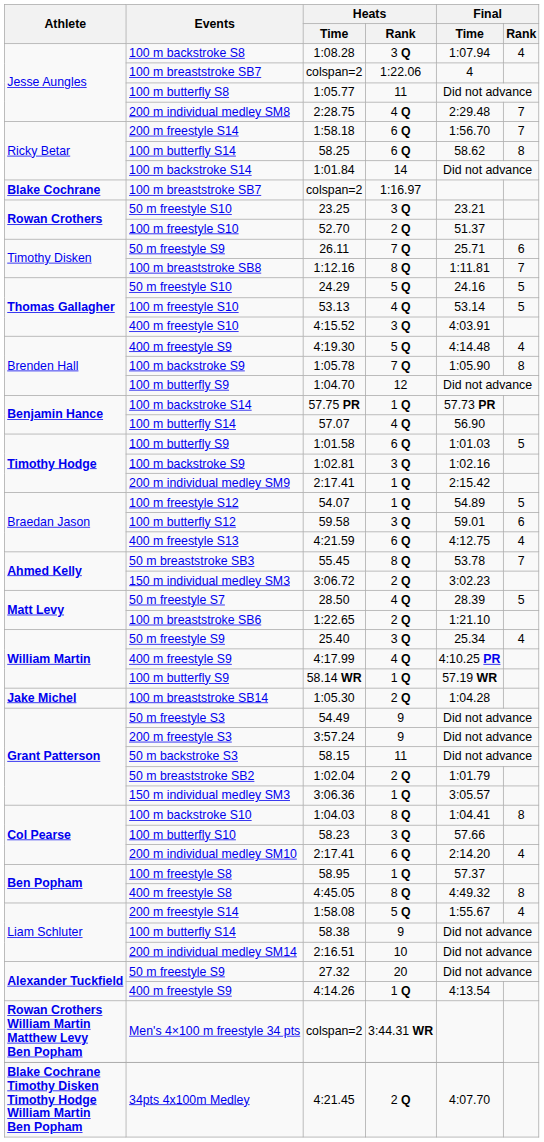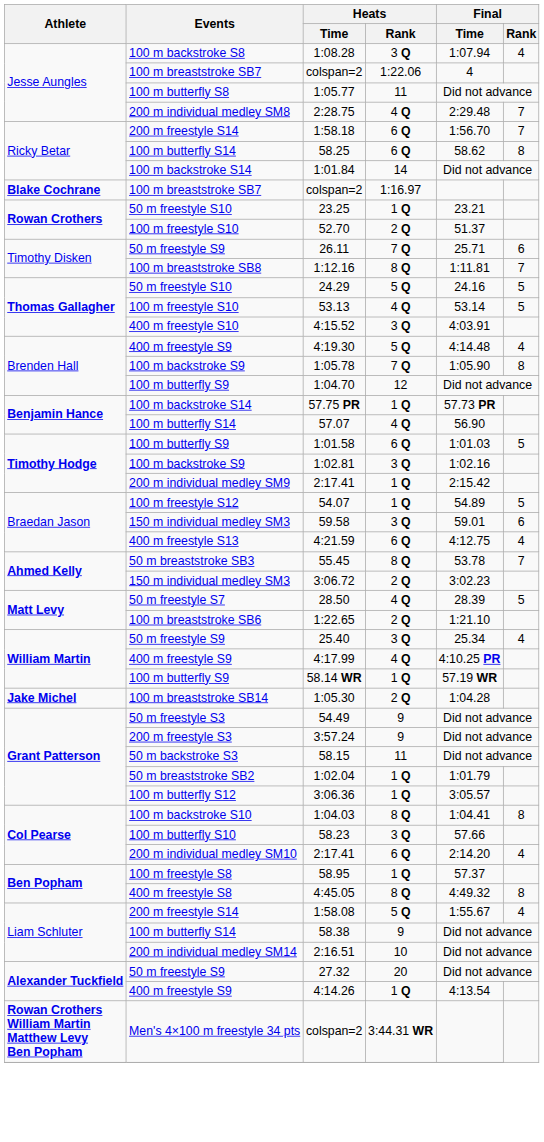 <table class=wikitable>
 <tr>
 <th rowspan="2">Athlete</th>
 <th rowspan="2">Events</th>
 <th colspan="2">Heats</th>
 <th colspan="2">Final</th>
 </tr>
 <tr>
 <th>Time</th>
 <th>Rank</th>
 <th>Time</th>
 <th>Rank</th>
 </tr>
 <tr align=center>
 <td rowspan=4 align=left><a href='#'>Jesse Aungles</a></td>
 <td align=left><a href='#'>100 m backstroke S8</a></td>
 <td>1:08.28</td>
 <td>3 <strong>Q</strong></td>
 <td>1:07.94</td>
 <td>4</td>
 </tr>
 <tr align=center>
 <td align=left><a href='#'>100 m breaststroke SB7</a></td>
 <td>colspan=2 </td>
 <td>1:22.06</td>
 <td>4</td>
 </tr>
 <tr align=center>
 <td align=left><a href='#'>100 m butterfly S8</a></td>
 <td>1:05.77</td>
 <td>11</td>
 <td colspan=2>Did not advance</td>
 </tr>
 <tr align=center>
 <td align=left><a href='#'>200 m individual medley SM8</a></td>
 <td>2:28.75</td>
 <td>4 <strong>Q</strong></td>
 <td>2:29.48</td>
 <td>7</td>
 </tr>
 <tr align=center>
 <td rowspan=3 align=left><a href='#'>Ricky Betar</a></td>
 <td align=left><a href='#'>200 m freestyle S14</a></td>
 <td>1:58.18</td>
 <td>6 <strong>Q</strong></td>
 <td>1:56.70</td>
 <td>7</td>
 </tr>
 <tr align=center>
 <td align=left><a href='#'>100 m butterfly S14</a></td>
 <td>58.25</td>
 <td>6 <strong>Q</strong></td>
 <td>58.62</td>
 <td>8</td>
 </tr>
 <tr align=center>
 <td align=left><a href='#'>100 m backstroke S14</a></td>
 <td>1:01.84</td>
 <td>14</td>
 <td colspan=2>Did not advance</td>
 </tr>
 <tr align=center>
 <td align=left><strong><a href='#'>Blake Cochrane</a></strong></td>
 <td align=left><a href='#'>100 m breaststroke SB7</a></td>
 <td>colspan=2 </td>
 <td>1:16.97</td>
 <td></td>
 </tr>
 <tr align=center>
 <td align=left rowspan=2><strong><a href='#'>Rowan Crothers</a></strong></td>
 <td align=left><a href='#'>50 m freestyle S10</a></td>
 <td>23.25</td>
-<td>3 <strong>Q</strong></td>
+<td>1 <strong>Q</strong></td>
 <td>23.21</td>
 <td></td>
 </tr>
 <tr align=center>
 <td align=left><a href='#'>100 m freestyle S10</a></td>
 <td>52.70</td>
 <td>2 <strong>Q</strong></td>
 <td>51.37</td>
 <td></td>
 </tr>
 <tr align=center>
 <td align=left rowspan=2><a href='#'>Timothy Disken</a></td>
 <td align=left><a href='#'>50 m freestyle S9</a></td>
 <td>26.11</td>
 <td>7 <strong>Q</strong></td>
 <td>25.71</td>
 <td>6</td>
 </tr>
 <tr align=center>
 <td align=left><a href='#'>100 m breaststroke SB8</a></td>
 <td>1:12.16</td>
 <td>8 <strong>Q</strong></td>
 <td>1:11.81</td>
 <td>7</td>
 </tr>
 <tr align=center>
 <td rowspan=3 align=left><strong><a href='#'>Thomas Gallagher</a></strong></td>
 <td align=left><a href='#'>50 m freestyle S10</a></td>
 <td>24.29</td>
 <td>5 <strong>Q</strong></td>
 <td>24.16</td>
 <td>5</td>
 </tr>
 <tr align=center>
 <td align=left><a href='#'>100 m freestyle S10</a></td>
 <td>53.13</td>
 <td>4 <strong>Q</strong></td>
 <td>53.14</td>
 <td>5</td>
 </tr>
 <tr align=center>
 <td align=left><a href='#'>400 m freestyle S10</a></td>
 <td>4:15.52</td>
 <td>3 <strong>Q</strong></td>
 <td>4:03.91</td>
 <td></td>
 </tr>
 <tr align=center>
 <td rowspan=3 align=left><a href='#'>Brenden Hall</a></td>
 <td align=left><a href='#'>400 m freestyle S9</a></td>
 <td>4:19.30</td>
 <td>5 <strong>Q</strong></td>
 <td>4:14.48</td>
 <td>4</td>
 </tr>
 <tr align=center>
 <td align=left><a href='#'>100 m backstroke S9</a></td>
 <td>1:05.78</td>
 <td>7 <strong>Q</strong></td>
 <td>1:05.90</td>
 <td>8</td>
 </tr>
 <tr align=center>
 <td align=left><a href='#'>100 m butterfly S9</a></td>
 <td>1:04.70</td>
 <td>12</td>
 <td colspan=2>Did not advance</td>
 </tr>
 <tr align=center>
 <td rowspan=2 align=left><strong><a href='#'>Benjamin Hance</a></strong></td>
 <td align=left><a href='#'>100 m backstroke S14</a></td>
 <td>57.75 <strong>PR</strong></td>
 <td>1 <strong>Q</strong></td>
 <td>57.73 <strong>PR</strong></td>
 <td></td>
 </tr>
 <tr align=center>
 <td align=left><a href='#'>100 m butterfly S14</a></td>
 <td>57.07</td>
 <td>4 <strong>Q</strong></td>
 <td>56.90</td>
 <td></td>
 </tr>
 <tr align=center>
 <td rowspan=3 align=left><strong><a href='#'>Timothy Hodge</a></strong></td>
 <td align=left><a href='#'>100 m butterfly S9</a></td>
 <td>1:01.58</td>
 <td>6 <strong>Q</strong></td>
 <td>1:01.03</td>
 <td>5</td>
 </tr>
 <tr align=center>
 <td align=left><a href='#'>100 m backstroke S9</a></td>
 <td>1:02.81</td>
 <td>3 <strong>Q</strong></td>
 <td>1:02.16</td>
 <td></td>
 </tr>
 <tr align=center>
 <td align=left><a href='#'>200 m individual medley SM9</a></td>
 <td>2:17.41</td>
 <td>1 <strong>Q</strong></td>
 <td>2:15.42</td>
 <td></td>
 </tr>
 <tr align=center>
 <td rowspan=3 align=left><a href='#'>Braedan Jason</a></td>
 <td align=left><a href='#'>100 m freestyle S12</a></td>
 <td>54.07</td>
 <td>1 <strong>Q</strong></td>
 <td>54.89</td>
 <td>5</td>
 </tr>
 <tr align=center>
-<td align=left><a href='#'>100 m butterfly S12</a></td>
+<td align=left><a href='#'>150 m individual medley SM3</a></td>
 <td>59.58</td>
 <td>3 <strong>Q</strong></td>
 <td>59.01</td>
 <td>6</td>
 </tr>
 <tr align=center>
 <td align=left><a href='#'>400 m freestyle S13</a></td>
 <td>4:21.59</td>
 <td>6 <strong>Q</strong></td>
 <td>4:12.75</td>
 <td>4</td>
 </tr>
 <tr align=center>
 <td rowspan=2 align=left><strong><a href='#'>Ahmed Kelly</a></strong></td>
 <td align=left><a href='#'>50 m breaststroke SB3</a></td>
 <td>55.45</td>
 <td>8 <strong>Q</strong></td>
 <td>53.78</td>
 <td>7</td>
 </tr>
 <tr align=center>
 <td align=left><a href='#'>150 m individual medley SM3</a></td>
 <td>3:06.72</td>
 <td>2 <strong>Q</strong></td>
 <td>3:02.23</td>
 <td></td>
 </tr>
 <tr align=center>
 <td rowspan=2 align=left><strong><a href='#'>Matt Levy</a></strong></td>
 <td align=left><a href='#'>50 m freestyle S7</a></td>
 <td>28.50</td>
 <td>4 <strong>Q</strong></td>
 <td>28.39</td>
 <td>5</td>
 </tr>
 <tr align=center>
 <td align=left><a href='#'>100 m breaststroke SB6</a></td>
 <td>1:22.65</td>
 <td>2 <strong>Q</strong></td>
 <td>1:21.10</td>
 <td></td>
 </tr>
 <tr align=center>
 <td rowspan=3 align=left><strong><a href='#'>William Martin</a></strong></td>
 <td align=left><a href='#'>50 m freestyle S9</a></td>
 <td>25.40</td>
 <td>3 <strong>Q</strong></td>
 <td>25.34</td>
 <td>4</td>
 </tr>
 <tr align=center>
 <td align=left><a href='#'>400 m freestyle S9</a></td>
 <td>4:17.99</td>
 <td>4 <strong>Q</strong></td>
 <td>4:10.25 <strong><a href='#'>PR</a></strong></td>
 <td></td>
 </tr>
 <tr align=center>
 <td align=left><a href='#'>100 m butterfly S9</a></td>
 <td>58.14 <strong>WR</strong></td>
 <td>1 <strong>Q</strong></td>
 <td>57.19 <strong>WR</strong></td>
 <td></td>
 </tr>
 <tr align=center>
 <td align=left><strong><a href='#'>Jake Michel</a></strong></td>
 <td align=left><a href='#'>100 m breaststroke SB14</a></td>
 <td>1:05.30</td>
 <td>2 <strong>Q</strong></td>
 <td>1:04.28</td>
 <td></td>
 </tr>
 <tr align=center>
 <td rowspan=5 align=left><strong><a href='#'>Grant Patterson</a></strong></td>
 <td align=left><a href='#'>50 m freestyle S3</a></td>
 <td>54.49</td>
 <td>9</td>
 <td colspan=2>Did not advance</td>
 </tr>
 <tr align=center>
 <td align=left><a href='#'>200 m freestyle S3</a></td>
 <td>3:57.24</td>
 <td>9</td>
 <td colspan=2>Did not advance</td>
 </tr>
 <tr align=center>
 <td align=left><a href='#'>50 m backstroke S3</a></td>
 <td>58.15</td>
 <td>11</td>
 <td colspan=2>Did not advance</td>
 </tr>
 <tr align=center>
 <td align=left><a href='#'>50 m breaststroke SB2</a></td>
 <td>1:02.04</td>
-<td>2 <strong>Q</strong></td>
+<td>1 <strong>Q</strong></td>
 <td>1:01.79</td>
 <td></td>
 </tr>
 <tr align=center>
-<td align=left><a href='#'>150 m individual medley SM3</a></td>
+<td align=left><a href='#'>100 m butterfly S12</a></td>
 <td>3:06.36</td>
 <td>1 <strong>Q</strong></td>
 <td>3:05.57</td>
 <td></td>
 </tr>
 <tr align=center>
 <td rowspan=3 align=left><strong><a href='#'>Col Pearse</a></strong></td>
 <td align=left><a href='#'>100 m backstroke S10</a></td>
 <td>1:04.03</td>
 <td>8 <strong>Q</strong></td>
 <td>1:04.41</td>
 <td>8</td>
 </tr>
 <tr align=center>
 <td align=left><a href='#'>100 m butterfly S10</a></td>
 <td>58.23</td>
 <td>3 <strong>Q</strong></td>
 <td>57.66</td>
 <td></td>
 </tr>
 <tr align=center>
 <td align=left><a href='#'>200 m individual medley SM10</a></td>
 <td>2:17.41</td>
 <td>6 <strong>Q</strong></td>
 <td>2:14.20</td>
 <td>4</td>
 </tr>
 <tr align=center>
 <td rowspan=2 align=left><strong><a href='#'>Ben Popham</a></strong></td>
 <td align=left><a href='#'>100 m freestyle S8</a></td>
 <td>58.95</td>
 <td>1 <strong>Q</strong></td>
 <td>57.37</td>
 <td></td>
 </tr>
 <tr align=center>
 <td align=left><a href='#'>400 m freestyle S8</a></td>
 <td>4:45.05</td>
 <td>8 <strong>Q</strong></td>
 <td>4:49.32</td>
 <td>8</td>
 </tr>
 <tr align=center>
 <td align=left rowspan=3><a href='#'>Liam Schluter</a></td>
 <td align=left><a href='#'>200 m freestyle S14</a></td>
 <td>1:58.08</td>
 <td>5 <strong>Q</strong></td>
 <td>1:55.67</td>
 <td>4</td>
 </tr>
 <tr align=center>
 <td align=left><a href='#'>100 m butterfly S14</a></td>
 <td>58.38</td>
 <td>9</td>
 <td align="center" colspan=2>Did not advance</td>
 </tr>
 <tr align=center>
 <td align=left><a href='#'>200 m individual medley SM14</a></td>
 <td>2:16.51</td>
 <td>10</td>
 <td colspan=2>Did not advance</td>
 </tr>
 <tr align=center>
 <td align=left rowspan=2><strong><a href='#'>Alexander Tuckfield</a></strong></td>
 <td align=left><a href='#'>50 m freestyle S9</a></td>
 <td>27.32</td>
 <td>20</td>
 <td colspan=2>Did not advance</td>
 </tr>
 <tr align=center>
 <td align=left><a href='#'>400 m freestyle S9</a></td>
 <td>4:14.26</td>
 <td>1 <strong>Q</strong></td>
 <td>4:13.54</td>
 <td></td>
 </tr>
 <tr align=center>
 <td align=left><strong><a href='#'>Rowan Crothers</a> <br> <a href='#'>William Martin</a> <br> <a href='#'>Matthew Levy</a> <br> <a href='#'>Ben Popham</a></strong></td>
 <td align=left><a href='#'>Men's 4×100 m freestyle 34 pts</a></td>
 <td>colspan=2 </td>
 <td>3:44.31 <strong>WR</strong></td>
 <td></td>
 </tr>
 <tr>
 </tr>
-<tr align=center>
-<td align=left><strong><a href='#'>Blake Cochrane</a> <br><a href='#'>Timothy Disken</a> <br> <a href='#'>Timothy Hodge</a> <br> <a href='#'>William Martin</a> <br> <a href='#'>Ben Popham</a></strong></td>
-<td align=left><a href='#'>34pts 4x100m Medley</a></td>
-<td>4:21.45</td>
-<td>2 <strong>Q</strong></td>
-<td>4:07.70</td>
-<td></td>
-</tr>
 </table>
